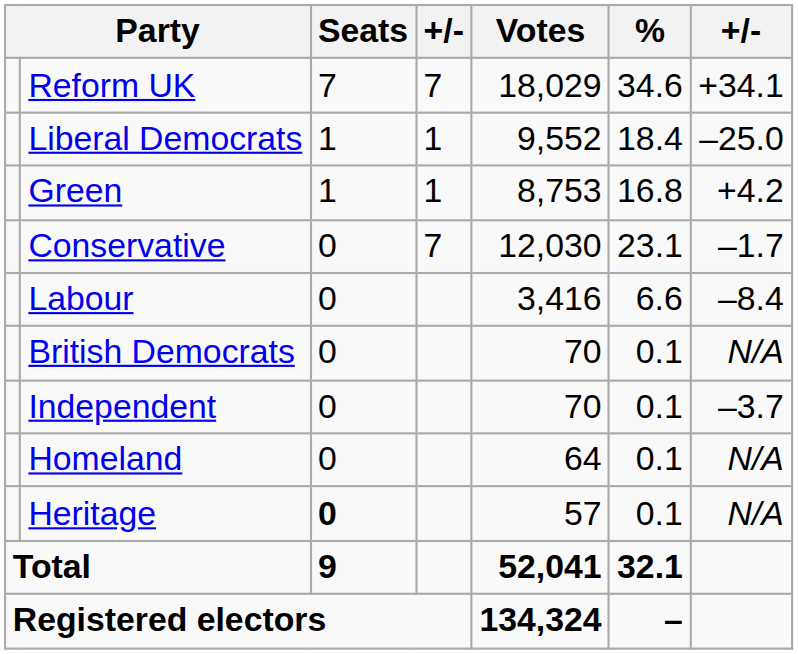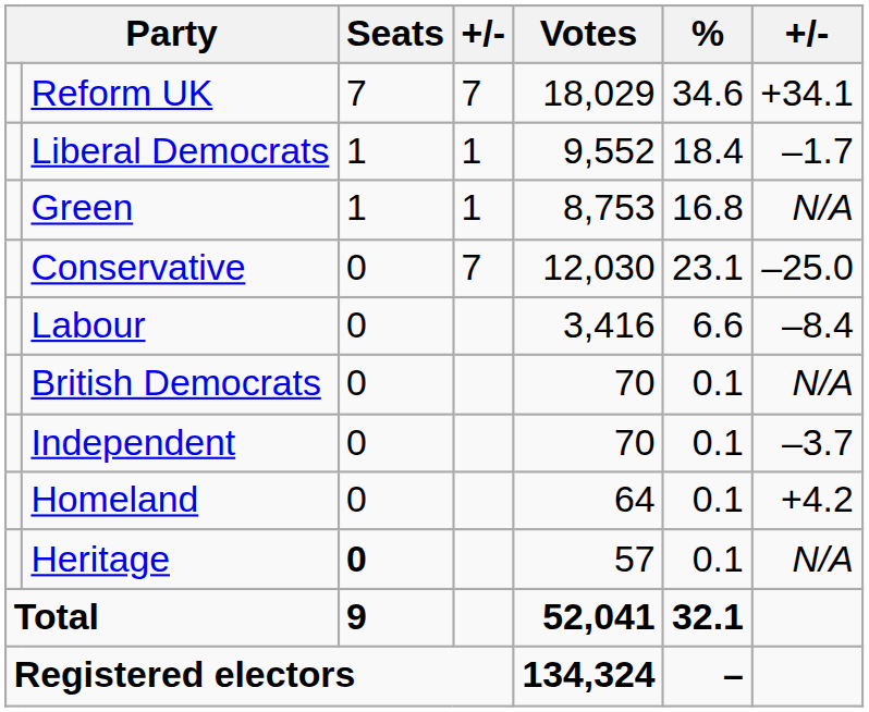 <table class="wikitable sortable">
 <tr>
 <th colspan="2">Party</th>
 <th>Seats</th>
 <th>+/-</th>
 <th>Votes</th>
 <th>%</th>
 <th>+/-</th>
 </tr>
 <tr>
 <td style="background-color: "></td>
 <td><a href='#'>Reform UK</a></td>
 <td>7</td>
 <td> 7</td>
 <td style="text-align:right;">18,029</td>
 <td style="text-align:right;">34.6</td>
 <td style="text-align:right;">+34.1</td>
 </tr>
 <tr>
 <td style="background-color: "></td>
 <td><a href='#'>Liberal Democrats</a></td>
 <td>1</td>
 <td> 1</td>
 <td style="text-align:right;">9,552</td>
 <td style="text-align:right;">18.4</td>
-<td style="text-align:right;">–25.0</td>
+<td style="text-align:right;">–1.7</td>
 </tr>
 <tr>
 <td style="background-color: "></td>
 <td><a href='#'>Green</a></td>
 <td>1</td>
 <td> 1</td>
 <td style="text-align:right;">8,753</td>
 <td style="text-align:right;">16.8</td>
-<td style="text-align:right;">+4.2</td>
+<td style="text-align:right;"><em>N/A</em></td>
 </tr>
 <tr>
 <td style="background-color: "></td>
 <td><a href='#'>Conservative</a></td>
 <td>0</td>
 <td> 7</td>
 <td style="text-align:right;">12,030</td>
 <td style="text-align:right;">23.1</td>
-<td style="text-align:right;">–1.7</td>
+<td style="text-align:right;">–25.0</td>
 </tr>
 <tr>
 <td style="background-color: "></td>
 <td><a href='#'>Labour</a></td>
 <td>0</td>
 <td></td>
 <td style="text-align:right;">3,416</td>
 <td style="text-align:right;">6.6</td>
 <td style="text-align:right;">–8.4</td>
 </tr>
 <tr>
 <td style="background-color: "></td>
 <td><a href='#'>British Democrats</a></td>
 <td>0</td>
 <td></td>
 <td style="text-align:right;">70</td>
 <td style="text-align:right;">0.1</td>
 <td style="text-align:right;"><em>N/A</em></td>
 </tr>
 <tr>
 <td style="background-color: "></td>
 <td><a href='#'>Independent</a></td>
 <td>0</td>
 <td></td>
 <td style="text-align:right;">70</td>
 <td style="text-align:right;">0.1</td>
 <td style="text-align:right;">–3.7</td>
 </tr>
 <tr>
 <td style="background-color: "></td>
 <td><a href='#'>Homeland</a></td>
 <td>0</td>
 <td></td>
 <td style="text-align:right;">64</td>
 <td style="text-align:right;">0.1</td>
-<td style="text-align:right;"><em>N/A</em></td>
+<td style="text-align:right;">+4.2</td>
 </tr>
 <tr>
 <td style="background-color: "></td>
 <td><a href='#'>Heritage</a></td>
 <td><strong>0</strong></td>
 <td></td>
 <td style="text-align:right;">57</td>
 <td style="text-align:right;">0.1</td>
 <td style="text-align:right;"><em>N/A</em></td>
 </tr>
 <tr>
 <td colspan="2"><strong>Total</strong></td>
 <td><strong>9</strong></td>
 <td></td>
 <td style="text-align:right;"><strong>52,041</strong></td>
 <td style="text-align:right;"><strong>32.1</strong></td>
 <td style="text-align:right;"></td>
 </tr>
 <tr>
 <td colspan="4"><strong>Registered electors</strong></td>
 <td style="text-align:right;"><strong>134,324</strong></td>
 <td style="text-align:right;"><strong>–</strong></td>
 <td style="text-align:right;"></td>
 </tr>
 </table>
